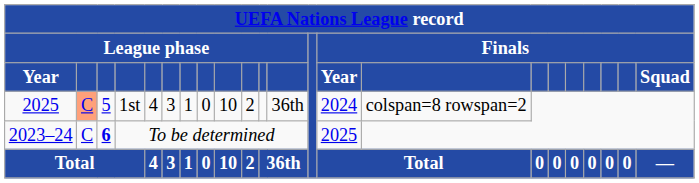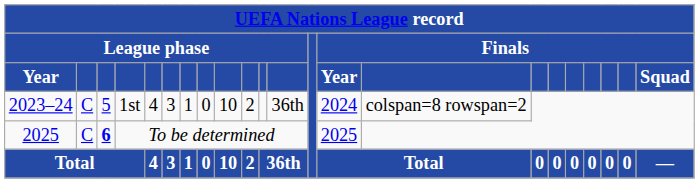 <table class="wikitable" style="text-align:center">
 <tr>
 <th colspan="22" style="background:#244AA5;color:white;"><a href='#'><span>UEFA Nations League</span></a> record</th>
 </tr>
 <tr>
 <th colspan="12" style="background:#244AA5;color:white;">League phase</th>
 <th rowspan="100" style="background:#244AA5"></th>
 <th colspan="9" style="background:#244AA5;color:white;">Finals</th>
 </tr>
 <tr>
 <th style="background:#244AA5;color:white;">Year</th>
 <th style="background:#244AA5;color:white;"></th>
 <th style="background:#244AA5;color:white;"></th>
 <th style="background:#244AA5;color:white;"></th>
 <th style="background:#244AA5;color:white;"></th>
 <th style="background:#244AA5;color:white;"></th>
 <th style="background:#244AA5;color:white;"></th>
 <th style="background:#244AA5;color:white;"></th>
 <th style="background:#244AA5;color:white;"></th>
 <th style="background:#244AA5;color:white;"></th>
 <th style="background:#244AA5;color:white;"></th>
 <th style="background:#244AA5;color:white;"></th>
 <th style="background:#244AA5;color:white;">Year</th>
 <th style="background:#244AA5;color:white;"></th>
 <th style="background:#244AA5;color:white;"></th>
 <th style="background:#244AA5;color:white;"></th>
 <th style="background:#244AA5;color:white;"></th>
 <th style="background:#244AA5;color:white;"></th>
 <th style="background:#244AA5;color:white;"></th>
 <th style="background:#244AA5;color:white;"></th>
 <th style="background:#244AA5;color:white;">Squad</th>
 </tr>
 <tr>
-<td><a href='#'>2025</a></td>
-<td style="background: lightsalmon;"><a href='#'>C</a></td>
+<td><a href='#'>2023–24</a></td>
+<td><a href='#'>C</a></td>
 <td><a href='#'>5</a></td>
 <td>1st</td>
 <td>4</td>
 <td>3</td>
 <td>1</td>
 <td>0</td>
 <td>10</td>
 <td>2</td>
 <td></td>
 <td>36th</td>
 <td> <a href='#'>2024</a></td>
 <td>colspan=8 rowspan=2 </td>
 </tr>
 <tr>
-<td><a href='#'>2023–24</a></td>
+<td><a href='#'>2025</a></td>
 <td><a href='#'>C</a></td>
 <td><strong><a href='#'>6</a></strong></td>
 <td colspan=9><em>To be determined</em></td>
 <td><a href='#'>2025</a></td>
 </tr>
 <tr>
 <th colspan="4" style="background:#244AA5;color:white;">Total</th>
 <th style="background:#244AA5;color:white;">4</th>
 <th style="background:#244AA5;color:white;">3</th>
 <th style="background:#244AA5;color:white;">1</th>
 <th style="background:#244AA5;color:white;">0</th>
 <th style="background:#244AA5;color:white;">10</th>
 <th style="background:#244AA5;color:white;">2</th>
 <th colspan="2" style="background:#244AA5;color:white;">36th</th>
 <th colspan="2" style="background:#244AA5;color:white;">Total</th>
 <th style="background:#244AA5;color:white;">0</th>
 <th style="background:#244AA5;color:white;">0</th>
 <th style="background:#244AA5;color:white;">0</th>
 <th style="background:#244AA5;color:white;">0</th>
 <th style="background:#244AA5;color:white;">0</th>
 <th style="background:#244AA5;color:white;">0</th>
 <th style="background:#244AA5;color:white;">—</th>
 </tr>
 </table>
